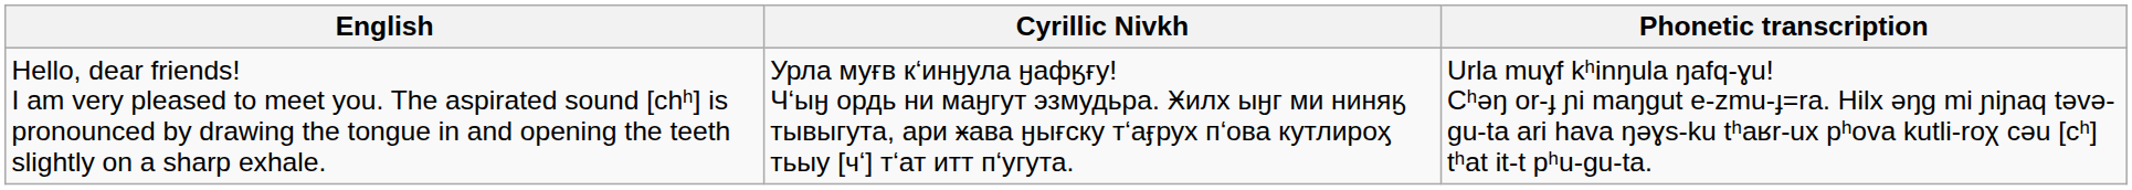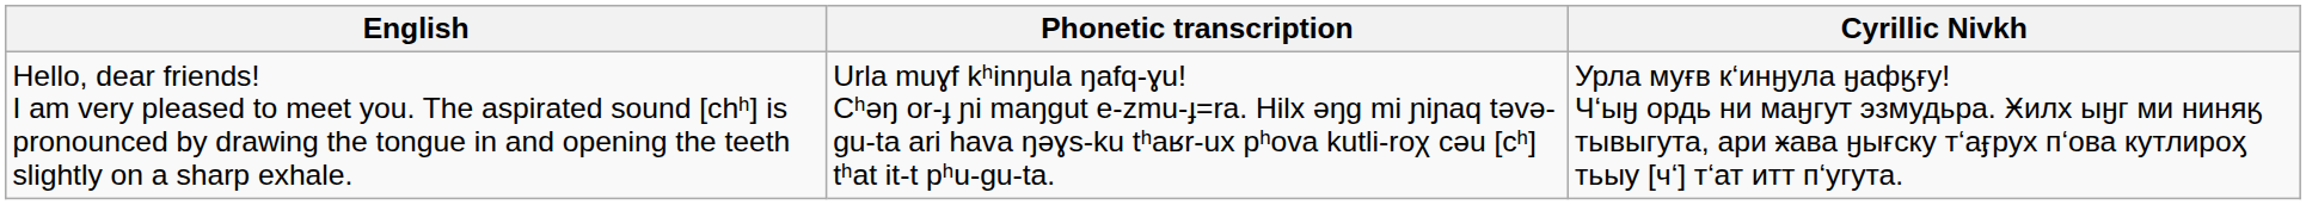 <table class="wikitable">
 <tr>
 <th>English</th>
+<th>Phonetic transcription</th>
 <th>Cyrillic Nivkh</th>
-<th>Phonetic transcription</th>
 </tr>
 <tr>
 <td>Hello, dear friends!<br>I am very pleased to meet you. The aspirated sound [chʰ] is pronounced by drawing the tongue in and opening the teeth slightly on a sharp exhale.</td>
+<td>Urla muɣf kʰinŋula ŋafq-ɣu!<br>Cʰəŋ or-ɟ ɲi maŋgut e-zmu-ɟ=ra. Hilx əŋg mi ɲiɲaq təvə-gu-ta ari hava ŋəɣs-ku tʰaʁr-ux pʰova kutli-roχ cəu [cʰ] tʰat it-t pʰu-gu-ta.</td>
 <td>Урла муғв к‘инӈула ӈафӄғу!<br>Ч‘ыӈ ордь ни маӈгут эзмудьра. Ӿилх ыӈг ми ниняӄ тывыгута, ари ӿава ӈығску т‘аӻрух п‘ова кутлироӽ тьыу [ч‘] т‘ат итт п‘угута.</td>
-<td>Urla muɣf kʰinŋula ŋafq-ɣu!<br>Cʰəŋ or-ɟ ɲi maŋgut e-zmu-ɟ=ra. Hilx əŋg mi ɲiɲaq təvə-gu-ta ari hava ŋəɣs-ku tʰaʁr-ux pʰova kutli-roχ cəu [cʰ] tʰat it-t pʰu-gu-ta.</td>
 </tr>
 </table>
